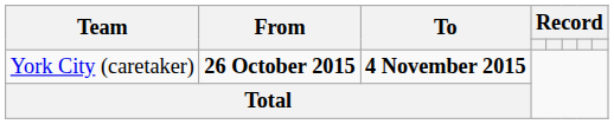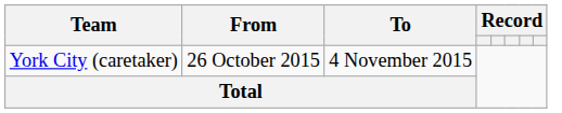 <table class=wikitable style=text-align:center>
 <tr>
 <th rowspan=2>Team</th>
 <th rowspan=2>From</th>
 <th rowspan=2>To</th>
 <th colspan=5>Record</th>
 </tr>
 <tr>
 <th></th>
 <th></th>
 <th></th>
 <th></th>
 <th></th>
 </tr>
 <tr>
 <td align=left><a href='#'>York City</a> (caretaker)</td>
-<td align=left><strong>26 October 2015</strong></td>
-<td align=left><strong>4 November 2015<br></strong></td>
+<td align=left>26 October 2015</td>
+<td align=left>4 November 2015<br></td>
 </tr>
 <tr>
 <th colspan=3>Total<br></th>
 </tr>
 </table>
